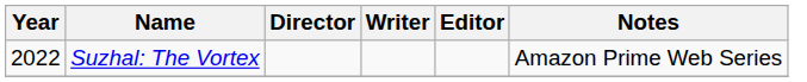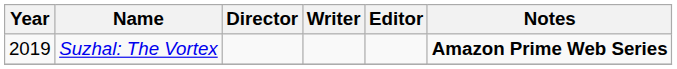 <table class="wikitable sortable">
 <tr style="text-align:center;">
 <th scope=col>Year</th>
 <th scope=col>Name</th>
 <th scope=col>Director</th>
 <th scope=col>Writer</th>
 <th scope=col>Editor</th>
 <th scope=col>Notes</th>
 </tr>
 <tr>
-<td>2022</td>
+<td>2019</td>
 <td><em><a href='#'>Suzhal: The Vortex</a></em></td>
 <td></td>
 <td></td>
 <td></td>
-<td>Amazon Prime Web Series</td>
+<td><strong>Amazon Prime Web Series</strong></td>
 </tr>
 <tr>
 </tr>
 </table>
